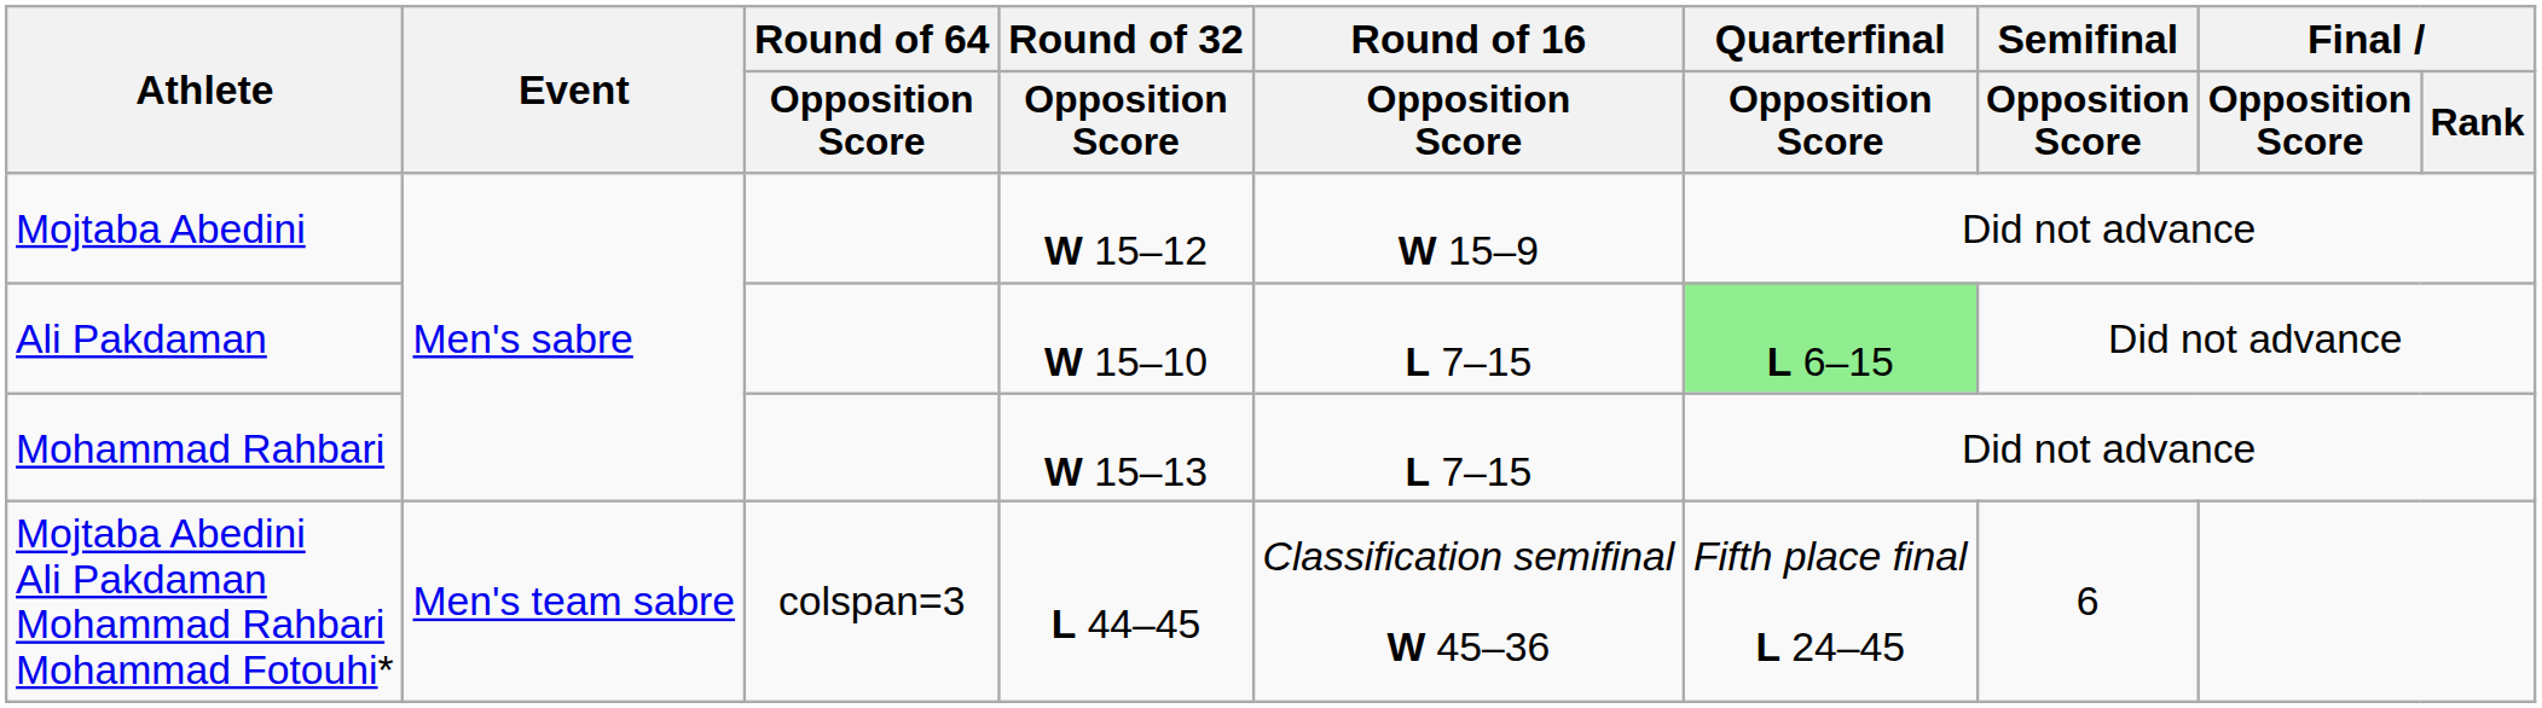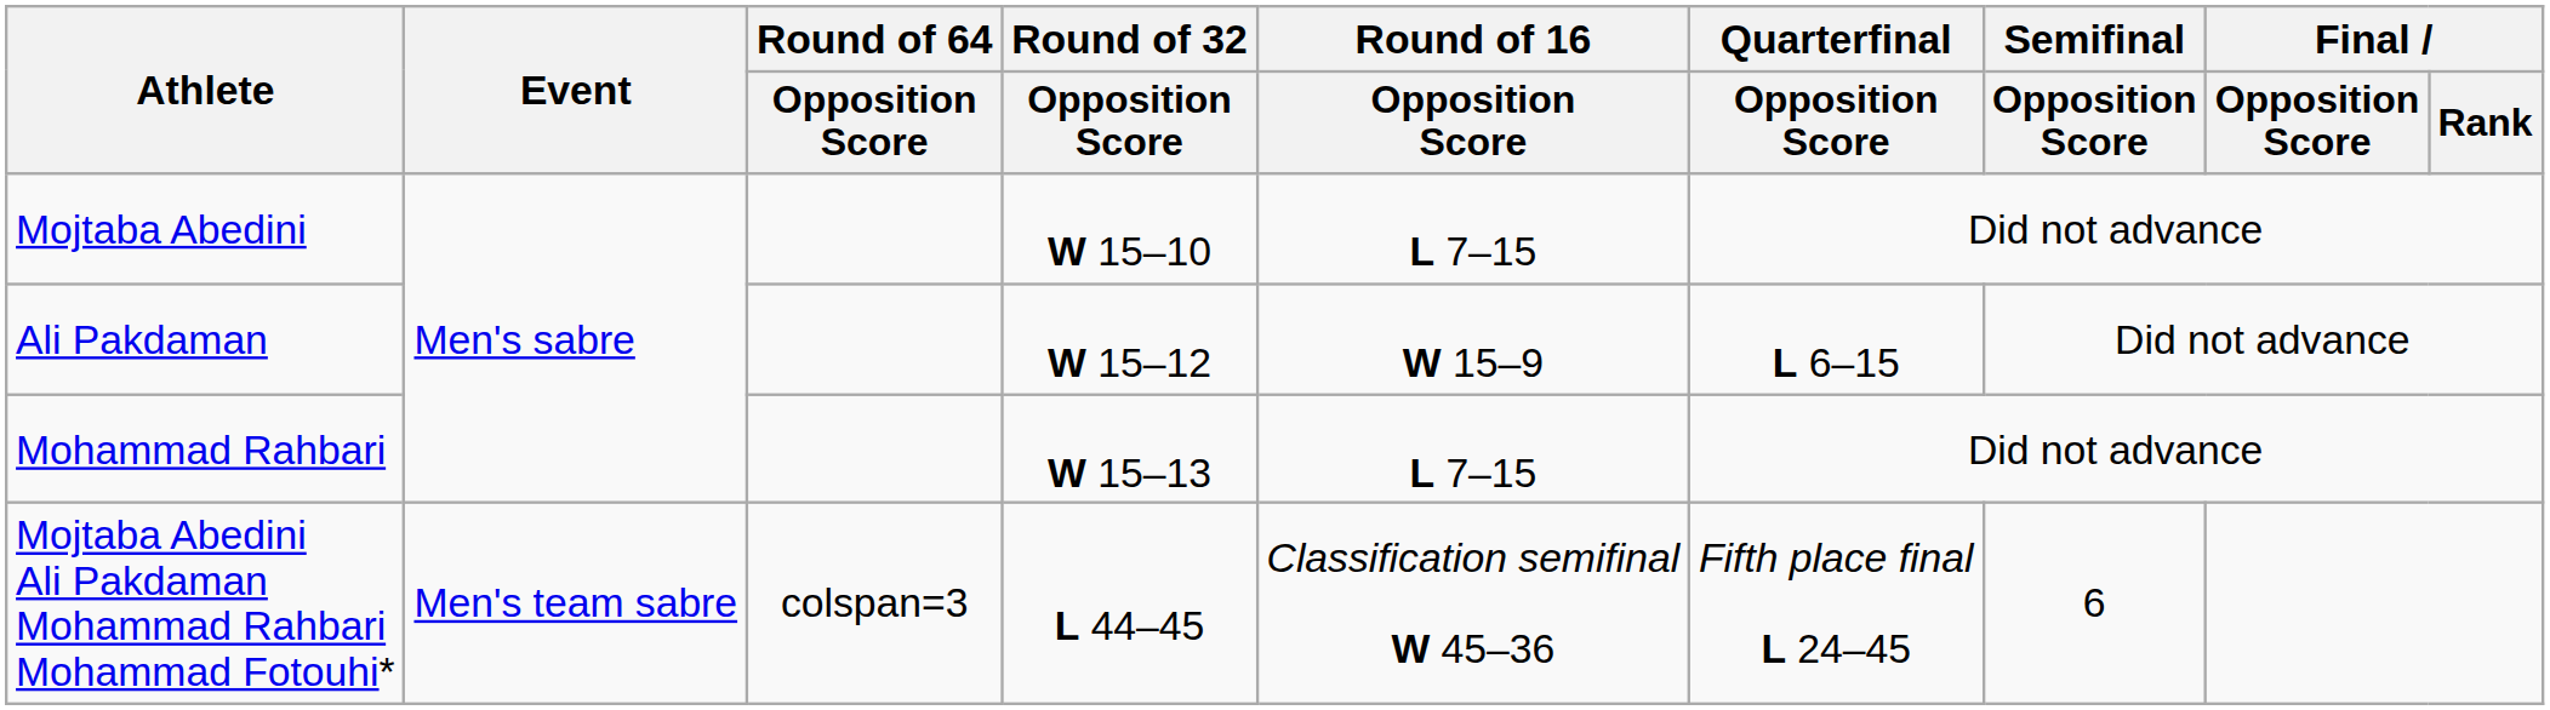 <table class="wikitable" style="font-size:90%">
 <tr>
 <th rowspan="2">Athlete</th>
 <th rowspan="2">Event</th>
 <th>Round of 64</th>
 <th>Round of 32</th>
 <th>Round of 16</th>
 <th>Quarterfinal</th>
 <th>Semifinal</th>
 <th colspan=2>Final / </th>
 </tr>
 <tr style="font-size:95%">
 <th>Opposition <br> Score</th>
 <th>Opposition <br> Score</th>
 <th>Opposition <br> Score</th>
 <th>Opposition <br> Score</th>
 <th>Opposition <br> Score</th>
 <th>Opposition <br> Score</th>
 <th>Rank</th>
 </tr>
 <tr align=center>
 <td align=left><a href='#'>Mojtaba Abedini</a></td>
 <td align=left rowspan=3><a href='#'>Men's sabre</a></td>
 <td></td>
-<td><br><strong>W</strong> 15–12</td>
-<td><br><strong>W</strong> 15–9</td>
+<td><br><strong>W</strong> 15–10</td>
+<td><br><strong>L</strong> 7–15</td>
 <td colspan="4">Did not advance</td>
 </tr>
 <tr align=center>
 <td align=left><a href='#'>Ali Pakdaman</a></td>
 <td></td>
-<td><br><strong>W</strong> 15–10</td>
-<td><br><strong>L</strong> 7–15</td>
-<td style="background: lightgreen;"><br><strong>L</strong> 6–15</td>
+<td><br><strong>W</strong> 15–12</td>
+<td><br><strong>W</strong> 15–9</td>
+<td><br><strong>L</strong> 6–15</td>
 <td colspan="3">Did not advance</td>
 </tr>
 <tr align=center>
 <td align=left><a href='#'>Mohammad Rahbari</a></td>
 <td></td>
 <td><br><strong>W</strong> 15–13</td>
 <td><br><strong>L</strong> 7–15</td>
 <td colspan="4">Did not advance</td>
 </tr>
 <tr align=center>
 <td align=left><a href='#'>Mojtaba Abedini</a><br><a href='#'>Ali Pakdaman</a> <br><a href='#'>Mohammad Rahbari</a><br><a href='#'>Mohammad Fotouhi</a>*</td>
 <td align=left><a href='#'>Men's team sabre</a></td>
 <td>colspan=3 </td>
 <td><br><strong>L</strong> 44–45</td>
 <td><em>Classification semifinal</em><br><br><strong>W</strong> 45–36</td>
 <td><em>Fifth place final</em><br><br><strong>L</strong> 24–45</td>
 <td>6</td>
 </tr>
 </table>
